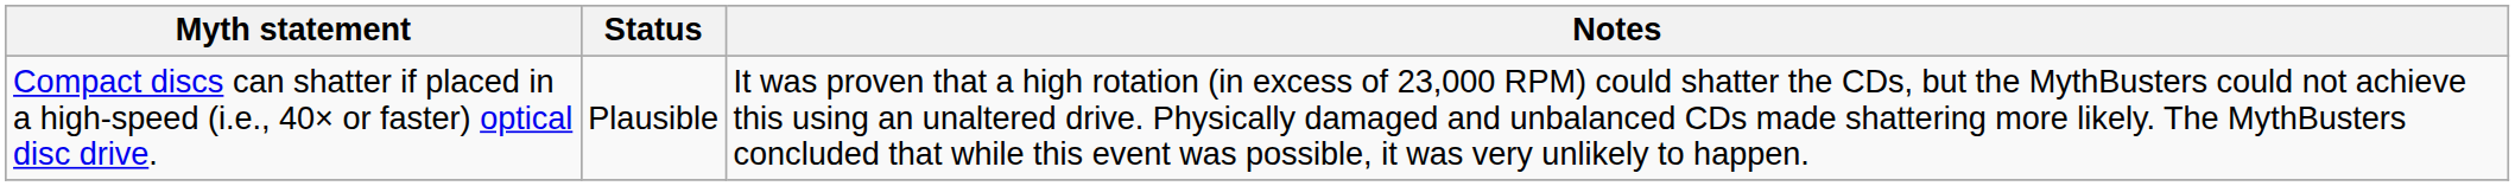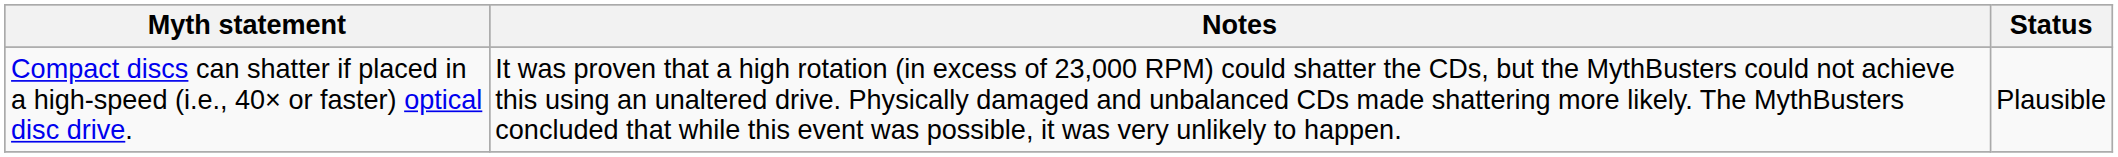 <table class="wikitable">
 <tr>
 <th>Myth statement</th>
+<th>Notes</th>
 <th>Status</th>
-<th>Notes</th>
 </tr>
 <tr>
 <td><a href='#'>Compact discs</a> can shatter if placed in a high-speed (i.e., 40× or faster) <a href='#'>optical disc drive</a>.</td>
+<td>It was proven that a high rotation (in excess of 23,000 RPM) could shatter the CDs, but the MythBusters could not achieve this using an unaltered drive. Physically damaged and unbalanced CDs made shattering more likely. The MythBusters concluded that while this event was possible, it was very unlikely to happen.</td>
 <td><span>Plausible</span></td>
-<td>It was proven that a high rotation (in excess of 23,000 RPM) could shatter the CDs, but the MythBusters could not achieve this using an unaltered drive. Physically damaged and unbalanced CDs made shattering more likely. The MythBusters concluded that while this event was possible, it was very unlikely to happen.</td>
 </tr>
 </table>
